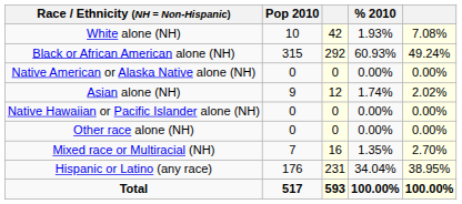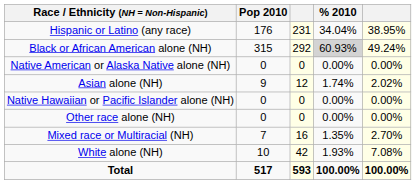 <table class="wikitable" style="text-align:center;">
 <tr>
 <th>Race / Ethnicity <small>(<em>NH = Non-Hispanic</em>)</small></th>
 <th>Pop 2010</th>
 <th></th>
 <th>% 2010</th>
 <th></th>
 </tr>
 <tr>
-<td><a href='#'>White</a> alone (NH)</td>
-<td>10</td>
-<td style='background: #ffffe6;'>42</td>
-<td>1.93%</td>
-<td style='background: #ffffe6;'>7.08%</td>
+<td><a href='#'>Hispanic or Latino</a> (any race)</td>
+<td>176</td>
+<td style='background: #ffffe6;'>231</td>
+<td>34.04%</td>
+<td style='background: #ffffe6;'>38.95%</td>
 </tr>
 <tr>
 <td><a href='#'>Black or African American</a> alone (NH)</td>
 <td>315</td>
 <td style='background: #ffffe6;'>292</td>
-<td>60.93%</td>
+<td style="background: lightgrey;">60.93%</td>
 <td style='background: #ffffe6;'>49.24%</td>
 </tr>
 <tr>
 <td><a href='#'>Native American</a> or <a href='#'>Alaska Native</a> alone (NH)</td>
 <td>0</td>
 <td style='background: #ffffe6;'>0</td>
 <td>0.00%</td>
 <td style='background: #ffffe6;'>0.00%</td>
 </tr>
 <tr>
 <td><a href='#'>Asian</a> alone (NH)</td>
 <td>9</td>
 <td style='background: #ffffe6;'>12</td>
 <td>1.74%</td>
 <td style='background: #ffffe6;'>2.02%</td>
 </tr>
 <tr>
 <td><a href='#'>Native Hawaiian</a> or <a href='#'>Pacific Islander</a> alone (NH)</td>
 <td>0</td>
 <td style='background: #ffffe6;'>0</td>
 <td>0.00%</td>
 <td style='background: #ffffe6;'>0.00%</td>
 </tr>
 <tr>
 <td><a href='#'>Other race</a> alone (NH)</td>
 <td>0</td>
 <td style='background: #ffffe6;'>0</td>
 <td>0.00%</td>
 <td style='background: #ffffe6;'>0.00%</td>
 </tr>
 <tr>
 <td><a href='#'>Mixed race or Multiracial</a> (NH)</td>
 <td>7</td>
 <td style='background: #ffffe6;'>16</td>
 <td>1.35%</td>
 <td style='background: #ffffe6;'>2.70%</td>
 </tr>
 <tr>
-<td><a href='#'>Hispanic or Latino</a> (any race)</td>
-<td>176</td>
-<td style='background: #ffffe6;'>231</td>
-<td>34.04%</td>
-<td style='background: #ffffe6;'>38.95%</td>
+<td><a href='#'>White</a> alone (NH)</td>
+<td>10</td>
+<td style='background: #ffffe6;'>42</td>
+<td>1.93%</td>
+<td style='background: #ffffe6;'>7.08%</td>
 </tr>
 <tr>
 <td><strong>Total</strong></td>
 <td><strong>517</strong></td>
 <td style='background: #ffffe6;'><strong>593</strong></td>
 <td><strong>100.00%</strong></td>
 <td style='background: #ffffe6;'><strong>100.00%</strong></td>
 </tr>
 </table>
